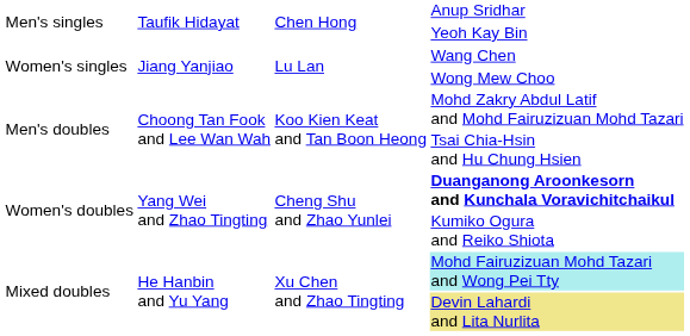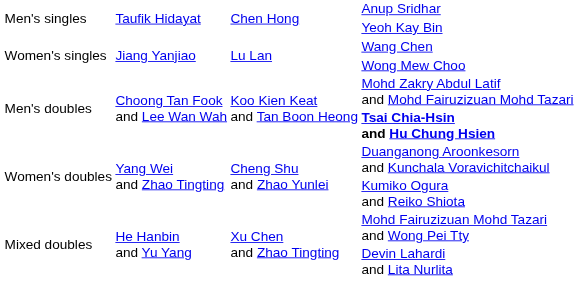 <table>
 <tr>
 <td rowspan=2>Men's singles</td>
 <td rowspan=2> <a href='#'>Taufik Hidayat</a></td>
 <td rowspan=2> <a href='#'>Chen Hong</a></td>
 <td> <a href='#'>Anup Sridhar</a></td>
 </tr>
 <tr>
 <td> <a href='#'>Yeoh Kay Bin</a></td>
 </tr>
 <tr>
 <td rowspan=2>Women's singles</td>
 <td rowspan=2> <a href='#'>Jiang Yanjiao</a></td>
 <td rowspan=2> <a href='#'>Lu Lan</a></td>
 <td> <a href='#'>Wang Chen</a></td>
 </tr>
 <tr>
 <td> <a href='#'>Wong Mew Choo</a></td>
 </tr>
 <tr>
 <td rowspan=2>Men's doubles</td>
 <td rowspan=2> <a href='#'>Choong Tan Fook</a><br>and <a href='#'>Lee Wan Wah</a></td>
 <td rowspan=2> <a href='#'>Koo Kien Keat</a><br>and <a href='#'>Tan Boon Heong</a></td>
 <td> <a href='#'>Mohd Zakry Abdul Latif</a><br>and <a href='#'>Mohd Fairuzizuan Mohd Tazari</a></td>
 </tr>
 <tr>
-<td> <a href='#'>Tsai Chia-Hsin</a><br>and <a href='#'>Hu Chung Hsien</a></td>
+<td><strong> <a href='#'>Tsai Chia-Hsin</a><br>and <a href='#'>Hu Chung Hsien</a></strong></td>
 </tr>
 <tr>
 <td rowspan=2>Women's doubles</td>
 <td rowspan=2> <a href='#'>Yang Wei</a><br>and <a href='#'>Zhao Tingting</a></td>
 <td rowspan=2> <a href='#'>Cheng Shu</a><br>and <a href='#'>Zhao Yunlei</a></td>
-<td><strong> <a href='#'>Duanganong Aroonkesorn</a><br>and <a href='#'>Kunchala Voravichitchaikul</a></strong></td>
+<td> <a href='#'>Duanganong Aroonkesorn</a><br>and <a href='#'>Kunchala Voravichitchaikul</a></td>
 </tr>
 <tr>
 <td> <a href='#'>Kumiko Ogura</a><br>and <a href='#'>Reiko Shiota</a></td>
 </tr>
 <tr>
 <td rowspan=2>Mixed doubles</td>
 <td rowspan=2> <a href='#'>He Hanbin</a><br>and <a href='#'>Yu Yang</a></td>
 <td rowspan=2> <a href='#'>Xu Chen</a><br>and <a href='#'>Zhao Tingting</a></td>
-<td style="background: paleturquoise;"> <a href='#'>Mohd Fairuzizuan Mohd Tazari</a><br>and <a href='#'>Wong Pei Tty</a></td>
+<td> <a href='#'>Mohd Fairuzizuan Mohd Tazari</a><br>and <a href='#'>Wong Pei Tty</a></td>
 </tr>
 <tr>
-<td style="background: khaki;"> <a href='#'>Devin Lahardi</a><br>and <a href='#'>Lita Nurlita</a></td>
+<td> <a href='#'>Devin Lahardi</a><br>and <a href='#'>Lita Nurlita</a></td>
 </tr>
 </table>
